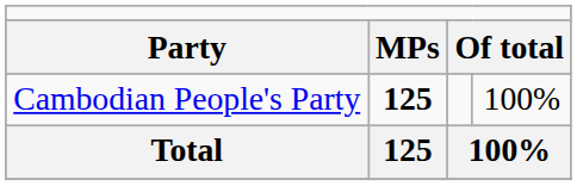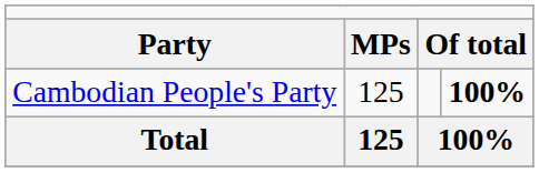 <table class=wikitable style=text-align:center>
 <tr>
 <td colspan=9></td>
 </tr>
 <tr>
 <th>Party</th>
 <th>MPs</th>
 <th colspan=2>Of total</th>
 </tr>
 <tr>
 <td><a href='#'>Cambodian People's Party</a></td>
-<td><strong>125</strong></td>
+<td>125</td>
 <td><div><div>  </div></div></td>
-<td>100%</td>
+<td><strong>100%</strong></td>
 </tr>
 <tr>
 <th colspan="1"><strong>Total</strong></th>
 <th colspan="1"><strong>125</strong></th>
 <th colspan="2"><strong>100%</strong></th>
 </tr>
 <tr>
 </tr>
 </table>
